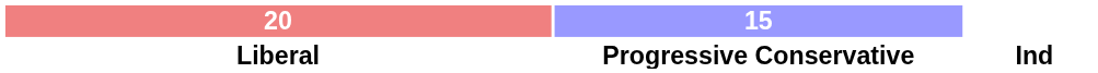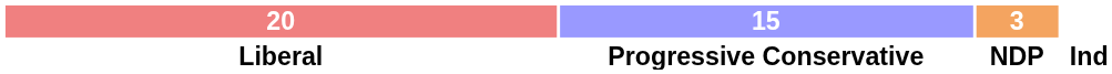 <table style="width:55%; text-align:center;">
 <tr style="color:white;">
 <td style="background:#F08080; width:50.00%;"><strong>20</strong></td>
 <td style="background:#9999FF; width:37.50%;"><strong>15</strong></td>
+<td style="background:#F4A460; width:7.50%;"><strong>3</strong></td>
 <td style="background:"><strong>2</strong></td>
 </tr>
 <tr>
 <td><span><strong>Liberal</strong></span></td>
 <td><span><strong>Progressive Conservative</strong></span></td>
+<td><span><strong>NDP</strong></span></td>
 <td><span><strong>Ind</strong></span></td>
 </tr>
 </table>
